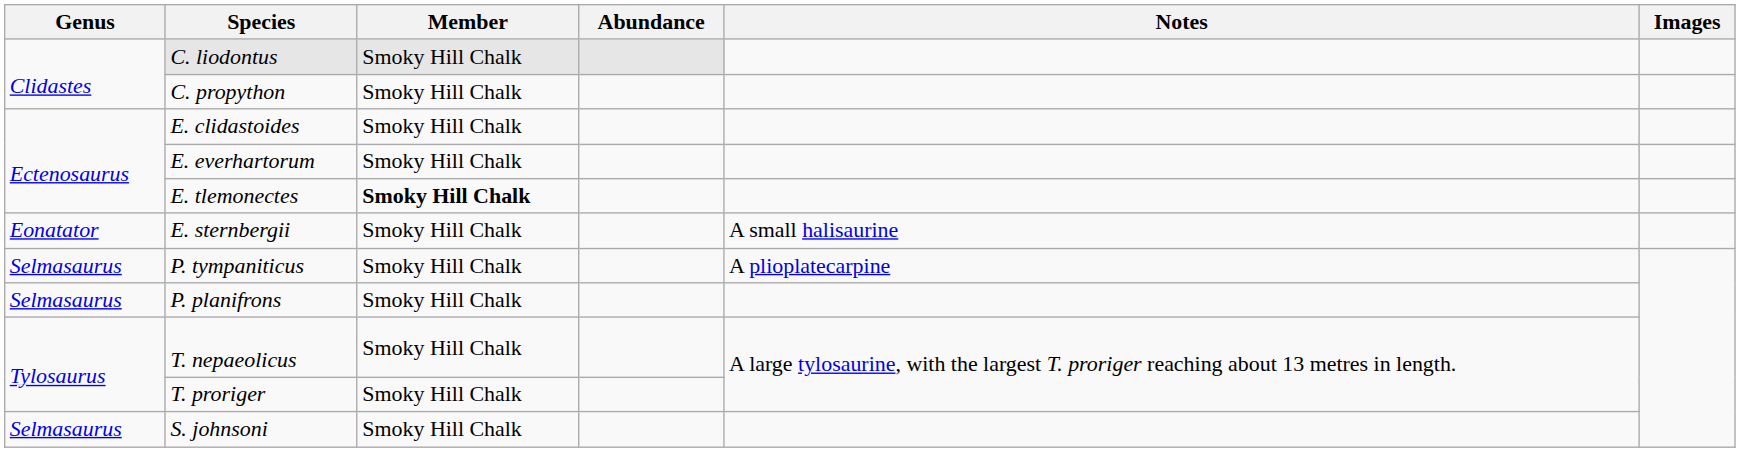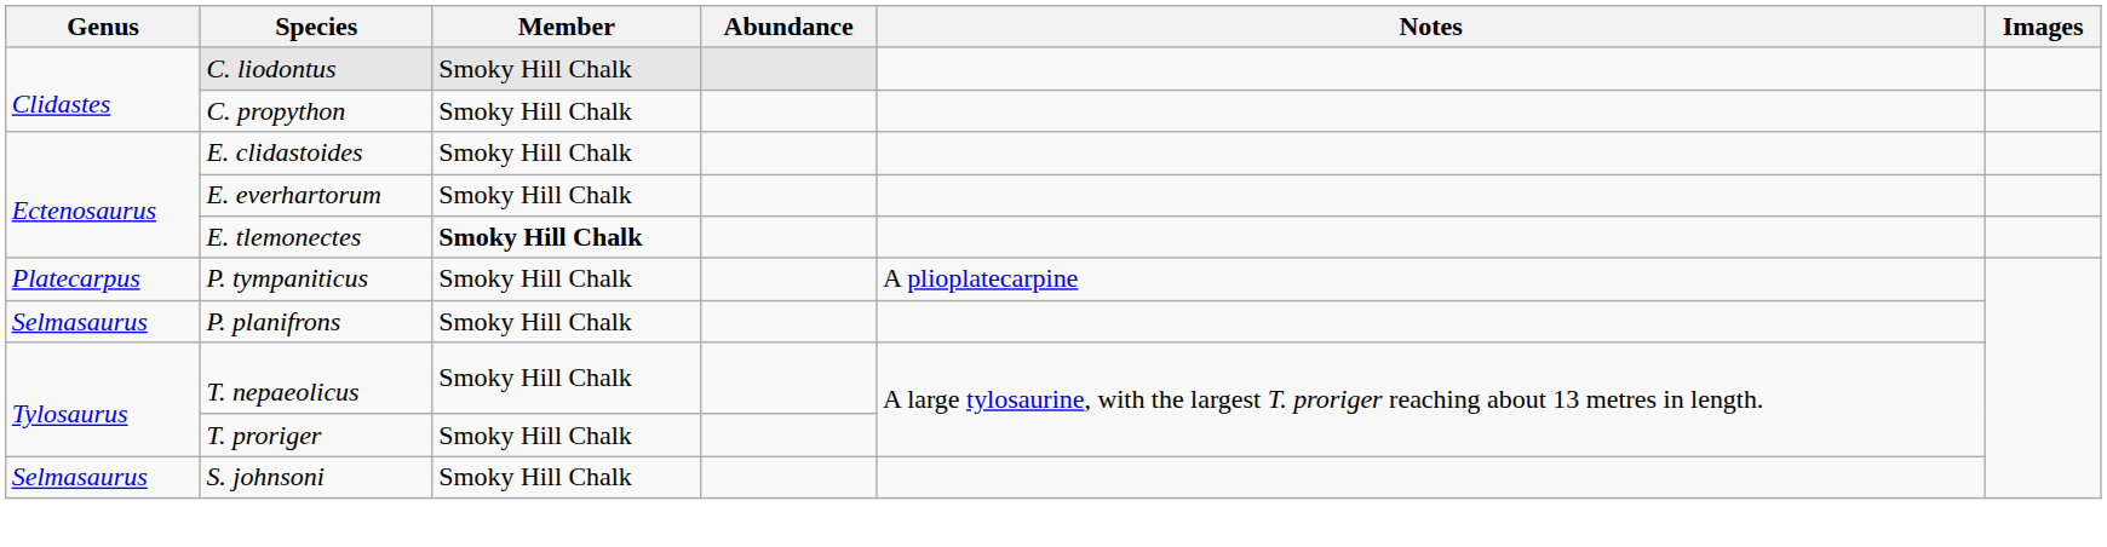 <table class="wikitable"  style="margin:auto; width:100%; width:100%;">
 <tr>
 <th>Genus</th>
 <th>Species</th>
 <th>Member</th>
 <th>Abundance</th>
 <th>Notes</th>
 <th>Images</th>
 </tr>
 <tr>
 <td rowspan="2"><br><em><a href='#'>Clidastes</a></em></td>
 <td style="background:#E6E6E6;"><em>C. liodontus</em></td>
 <td style="background:#E6E6E6;">Smoky Hill Chalk</td>
 <td style="background:#E6E6E6;"></td>
 <td></td>
 <td></td>
 </tr>
 <tr>
 <td><em>C. propython</em></td>
 <td>Smoky Hill Chalk</td>
 <td></td>
 <td></td>
 <td></td>
 </tr>
 <tr>
 <td rowspan="3"><br><em><a href='#'>Ectenosaurus</a></em></td>
 <td><em>E. clidastoides</em></td>
 <td>Smoky Hill Chalk</td>
 <td></td>
 <td></td>
 <td></td>
 </tr>
 <tr>
 <td><em>E. everhartorum</em></td>
 <td>Smoky Hill Chalk</td>
 <td></td>
 <td></td>
 <td></td>
 </tr>
 <tr>
 <td><em>E. tlemonectes</em></td>
 <td><strong>Smoky Hill Chalk</strong></td>
 <td></td>
 <td></td>
 <td></td>
 </tr>
 <tr>
-<td><em><a href='#'>Eonatator</a></em></td>
-<td><em>E. sternbergii</em></td>
-<td>Smoky Hill Chalk</td>
-<td></td>
-<td>A small <a href='#'>halisaurine</a></td>
-<td></td>
-</tr>
-<tr>
-<td><em><a href='#'>Selmasaurus</a></em></td>
+<td><em><a href='#'>Platecarpus</a></em></td>
 <td><em>P. tympaniticus</em></td>
 <td>Smoky Hill Chalk</td>
 <td></td>
 <td>A <a href='#'>plioplatecarpine</a></td>
 <td rowspan="94"><br> </td>
 </tr>
 <tr>
 <td><em><a href='#'>Selmasaurus</a></em></td>
 <td><em>P. planifrons</em></td>
 <td>Smoky Hill Chalk</td>
 <td></td>
 </tr>
 <tr>
 <td rowspan="2"><br><em><a href='#'>Tylosaurus</a></em></td>
 <td><br><em>T. nepaeolicus</em></td>
 <td>Smoky Hill Chalk</td>
 <td></td>
 <td rowspan="2">A large <a href='#'>tylosaurine</a>, with the largest <em>T. proriger</em> reaching about 13 metres in length.</td>
 </tr>
 <tr>
 <td><em>T. proriger</em></td>
 <td>Smoky Hill Chalk</td>
 <td></td>
 </tr>
 <tr>
 <td><em><a href='#'>Selmasaurus</a></em></td>
 <td><em>S. johnsoni</em></td>
 <td>Smoky Hill Chalk</td>
 <td></td>
 <td></td>
 </tr>
 </table>
